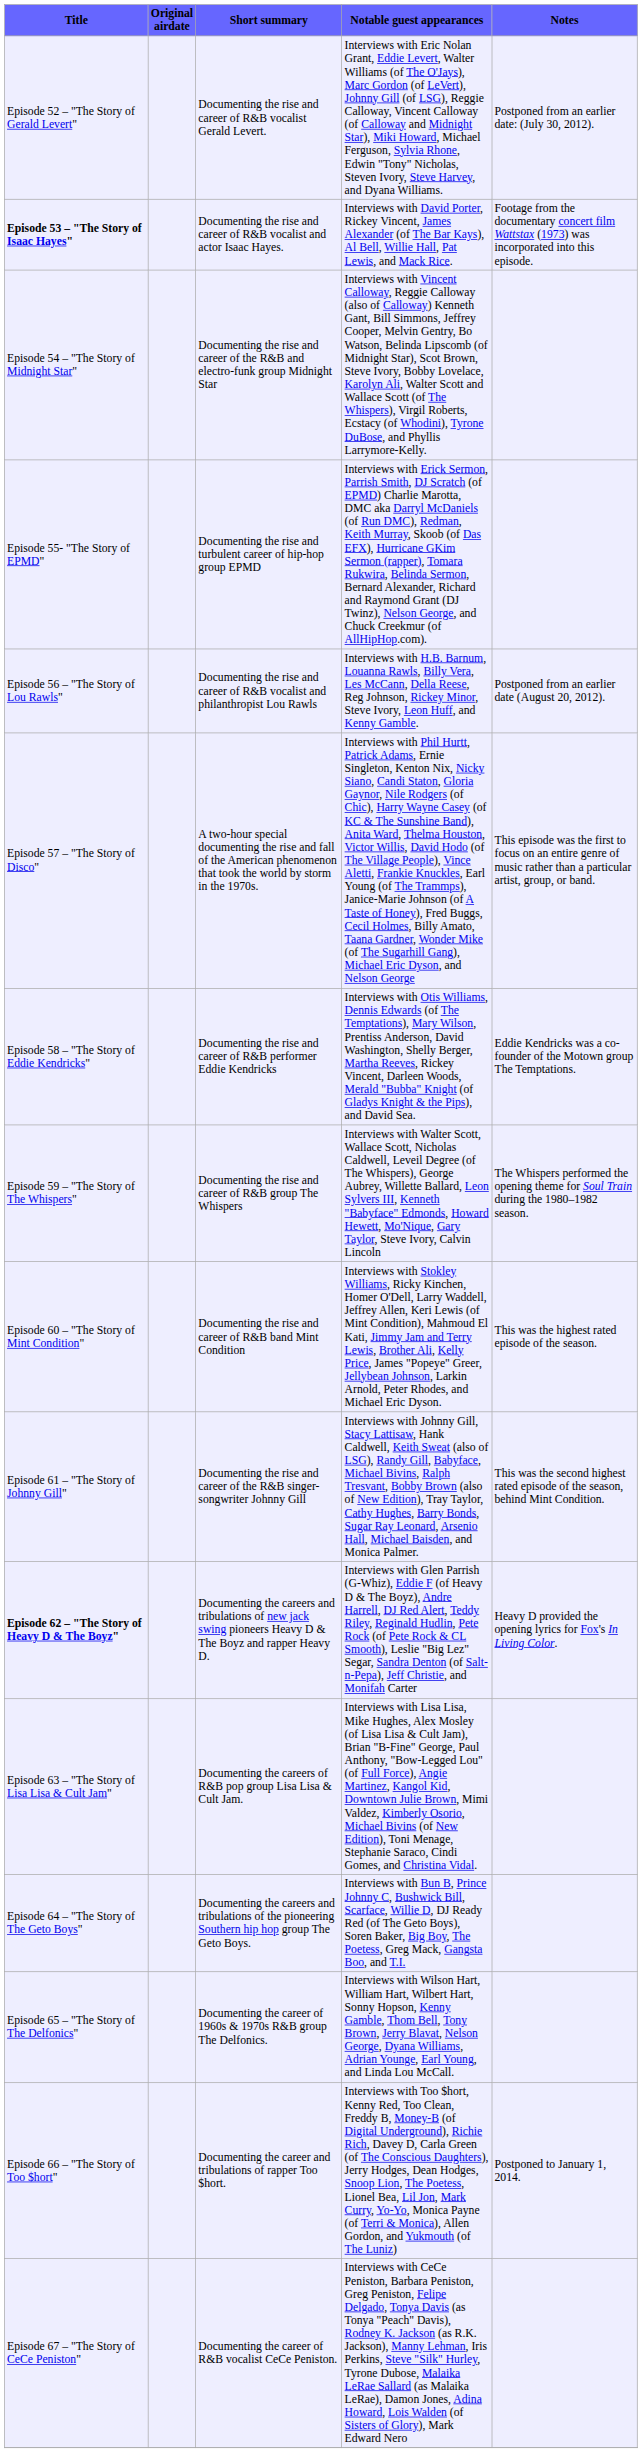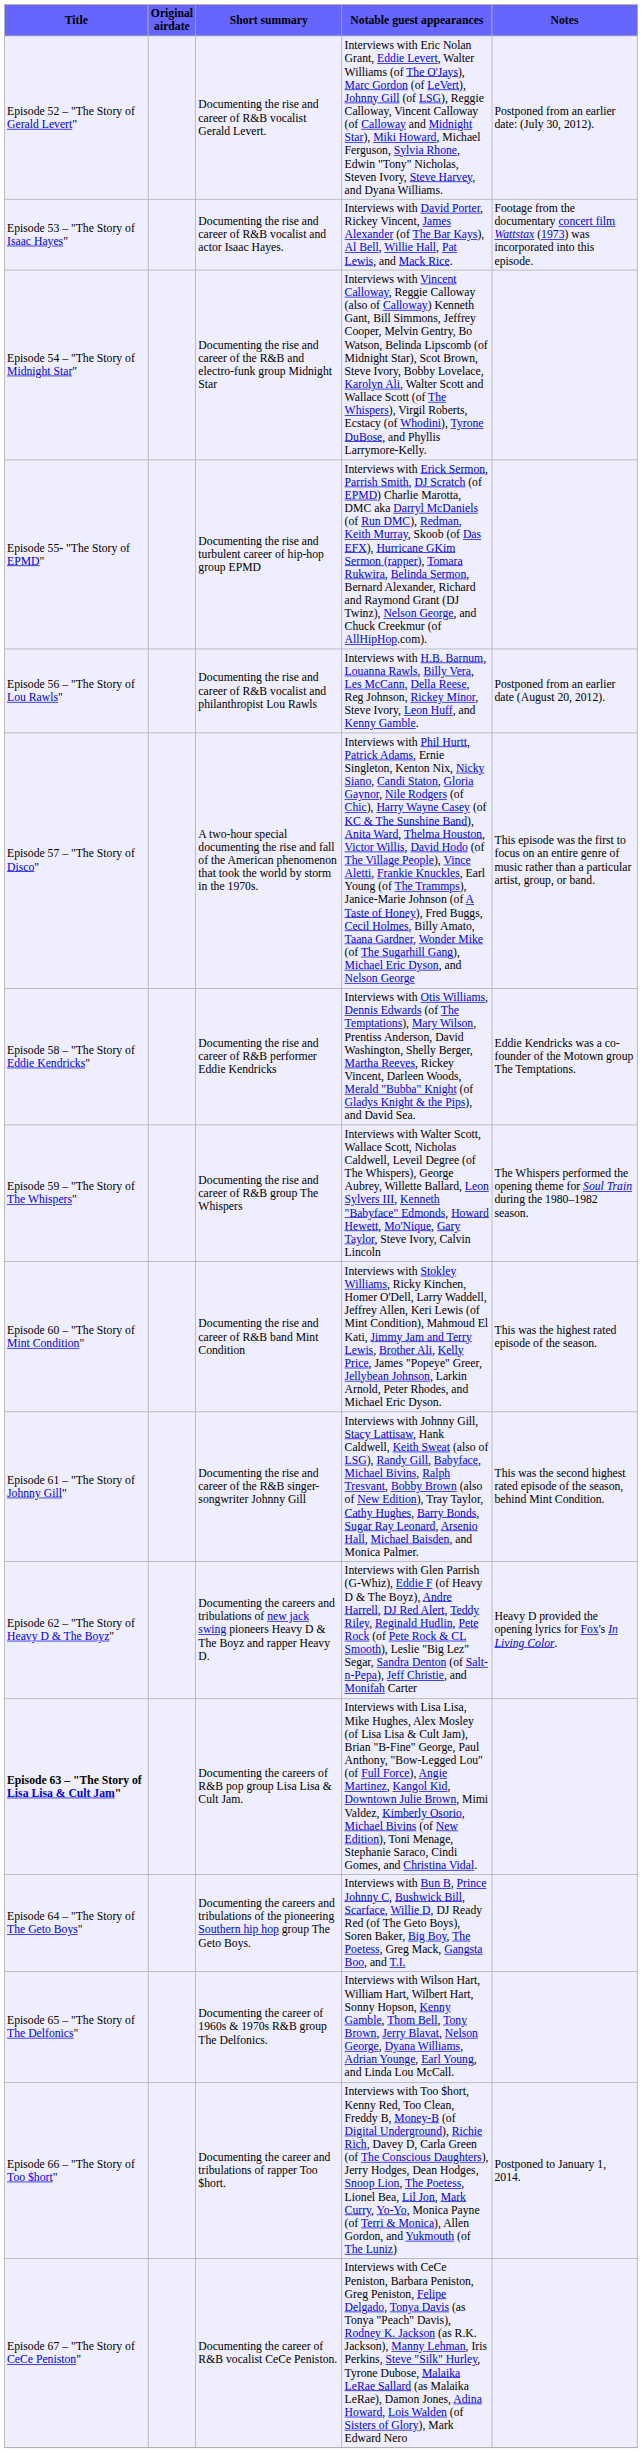 <table class="wikitable" style="background:#EEEEFF">
 <tr>
 <th scope="col" style="background-color: #6666FF" width="220">Title</th>
 <th scope="col" style="background-color: #6666FF" width="40pt">Original airdate</th>
 <th scope="col" style="background-color: #6666FF" width="220">Short summary</th>
 <th scope="col" style="background-color: #6666FF" width="220">Notable guest appearances</th>
 <th scope="col" style="background-color: #6666FF" width="220">Notes</th>
 </tr>
 <tr>
 <td>Episode 52 – "The Story of <a href='#'>Gerald Levert</a>"</td>
 <td></td>
 <td>Documenting the rise and career of R&B vocalist Gerald Levert.</td>
 <td>Interviews with Eric Nolan Grant, <a href='#'>Eddie Levert</a>, Walter Williams (of <a href='#'>The O'Jays</a>), <a href='#'>Marc Gordon</a> (of <a href='#'>LeVert</a>), <a href='#'>Johnny Gill</a> (of <a href='#'>LSG</a>), Reggie Calloway, Vincent Calloway (of <a href='#'>Calloway</a> and <a href='#'>Midnight Star</a>), <a href='#'>Miki Howard</a>, Michael Ferguson, <a href='#'>Sylvia Rhone</a>, Edwin "Tony" Nicholas, Steven Ivory, <a href='#'>Steve Harvey</a>, and Dyana Williams.</td>
 <td>Postponed from an earlier date: (July 30, 2012).</td>
 </tr>
 <tr>
-<td><strong>Episode 53 – "The Story of <a href='#'>Isaac Hayes</a>"</strong></td>
+<td>Episode 53 – "The Story of <a href='#'>Isaac Hayes</a>"</td>
 <td></td>
 <td>Documenting the rise and career of R&B vocalist and actor Isaac Hayes.</td>
 <td>Interviews with <a href='#'>David Porter</a>, Rickey Vincent, <a href='#'>James Alexander</a> (of <a href='#'>The Bar Kays</a>), <a href='#'>Al Bell</a>, <a href='#'>Willie Hall</a>, <a href='#'>Pat Lewis</a>, and <a href='#'>Mack Rice</a>.</td>
 <td>Footage from the documentary <a href='#'>concert film</a> <em><a href='#'>Wattstax</a></em> (<a href='#'>1973</a>) was incorporated into this episode.</td>
 </tr>
 <tr>
 <td>Episode 54 – "The Story of <a href='#'>Midnight Star</a>"</td>
 <td></td>
 <td>Documenting the rise and career of the R&B and electro-funk group Midnight Star</td>
 <td>Interviews with <a href='#'>Vincent Calloway</a>, Reggie Calloway (also of <a href='#'>Calloway</a>) Kenneth Gant, Bill Simmons, Jeffrey Cooper, Melvin Gentry, Bo Watson, Belinda Lipscomb (of Midnight Star), Scot Brown, Steve Ivory, Bobby Lovelace, <a href='#'>Karolyn Ali</a>, Walter Scott and Wallace Scott (of <a href='#'>The Whispers</a>), Virgil Roberts, Ecstacy (of <a href='#'>Whodini</a>), <a href='#'>Tyrone DuBose</a>, and Phyllis Larrymore-Kelly.</td>
 <td></td>
 </tr>
 <tr>
 <td>Episode 55-  "The Story of <a href='#'>EPMD</a>"</td>
 <td></td>
 <td>Documenting the rise and turbulent career of hip-hop group EPMD</td>
 <td>Interviews with <a href='#'>Erick Sermon</a>, <a href='#'>Parrish Smith</a>, <a href='#'>DJ Scratch</a> (of <a href='#'>EPMD</a>) Charlie Marotta, DMC aka <a href='#'>Darryl McDaniels</a> (of <a href='#'>Run DMC</a>), <a href='#'>Redman</a>, <a href='#'>Keith Murray</a>, Skoob (of <a href='#'>Das EFX</a>), <a href='#'>Hurricane G</a><a href='#'>Kim Sermon (rapper)</a>, <a href='#'>Tomara Rukwira</a>, <a href='#'>Belinda Sermon</a>, Bernard Alexander, Richard and Raymond Grant (DJ Twinz), <a href='#'>Nelson George</a>, and Chuck Creekmur (of <a href='#'>AllHipHop</a>.com).</td>
 <td></td>
 </tr>
 <tr>
 <td>Episode 56 – "The Story of <a href='#'>Lou Rawls</a>"</td>
 <td></td>
 <td>Documenting the rise and career of R&B vocalist and philanthropist Lou Rawls</td>
 <td>Interviews with <a href='#'>H.B. Barnum</a>, <a href='#'>Louanna Rawls</a>, <a href='#'>Billy Vera</a>, <a href='#'>Les McCann</a>, <a href='#'>Della Reese</a>, Reg Johnson, <a href='#'>Rickey Minor</a>, Steve Ivory, <a href='#'>Leon Huff</a>, and <a href='#'>Kenny Gamble</a>.</td>
 <td>Postponed from an earlier date (August 20, 2012).</td>
 </tr>
 <tr>
 <td>Episode 57 – "The Story of <a href='#'>Disco</a>"</td>
 <td></td>
 <td>A two-hour special documenting the rise and fall of the American phenomenon that took the world by storm in the 1970s.</td>
 <td>Interviews with <a href='#'>Phil Hurtt</a>, <a href='#'>Patrick Adams</a>, Ernie Singleton, Kenton Nix, <a href='#'>Nicky Siano</a>, <a href='#'>Candi Staton</a>, <a href='#'>Gloria Gaynor</a>, <a href='#'>Nile Rodgers</a> (of <a href='#'>Chic</a>), <a href='#'>Harry Wayne Casey</a> (of <a href='#'>KC & The Sunshine Band</a>), <a href='#'>Anita Ward</a>, <a href='#'>Thelma Houston</a>, <a href='#'>Victor Willis</a>, <a href='#'>David Hodo</a> (of <a href='#'>The Village People</a>), <a href='#'>Vince Aletti</a>, <a href='#'>Frankie Knuckles</a>, Earl Young (of <a href='#'>The Trammps</a>), Janice-Marie Johnson (of <a href='#'>A Taste of Honey</a>), Fred Buggs, <a href='#'>Cecil Holmes</a>, Billy Amato, <a href='#'>Taana Gardner</a>, <a href='#'>Wonder Mike</a> (of <a href='#'>The Sugarhill Gang</a>), <a href='#'>Michael Eric Dyson</a>, and <a href='#'>Nelson George</a></td>
 <td>This episode was the first to focus on an entire genre of music rather than a particular artist, group, or band.</td>
 </tr>
 <tr>
 <td>Episode 58 – "The Story of <a href='#'>Eddie Kendricks</a>"</td>
 <td></td>
 <td>Documenting the rise and career of R&B performer Eddie Kendricks</td>
 <td>Interviews with <a href='#'>Otis Williams</a>, <a href='#'>Dennis Edwards</a> (of <a href='#'>The Temptations</a>), <a href='#'>Mary Wilson</a>, Prentiss Anderson, David Washington, Shelly Berger, <a href='#'>Martha Reeves</a>, Rickey Vincent, Darleen Woods, <a href='#'>Merald "Bubba" Knight</a> (of <a href='#'>Gladys Knight & the Pips</a>), and David Sea.</td>
 <td>Eddie Kendricks was a co-founder of the Motown group The Temptations.</td>
 </tr>
 <tr>
 <td>Episode 59 – "The Story of <a href='#'>The Whispers</a>"</td>
 <td></td>
 <td>Documenting the rise and career of R&B group The Whispers</td>
 <td>Interviews with Walter Scott, Wallace Scott, Nicholas Caldwell, Leveil Degree (of The Whispers), George Aubrey, Willette Ballard, <a href='#'>Leon Sylvers III</a>, <a href='#'>Kenneth "Babyface" Edmonds</a>, <a href='#'>Howard Hewett</a>, <a href='#'>Mo'Nique</a>, <a href='#'>Gary Taylor</a>, Steve Ivory, Calvin Lincoln</td>
 <td>The Whispers performed the opening theme for <em><a href='#'>Soul Train</a></em> during the 1980–1982 season.</td>
 </tr>
 <tr>
 <td>Episode 60 – "The Story of <a href='#'>Mint Condition</a>"</td>
 <td></td>
 <td>Documenting the rise and career of R&B band Mint Condition</td>
 <td>Interviews with <a href='#'>Stokley Williams</a>, Ricky Kinchen, Homer O'Dell, Larry Waddell, Jeffrey Allen, Keri Lewis (of Mint Condition), Mahmoud El Kati, <a href='#'>Jimmy Jam and Terry Lewis</a>, <a href='#'>Brother Ali</a>, <a href='#'>Kelly Price</a>, James "Popeye" Greer, <a href='#'>Jellybean Johnson</a>, Larkin Arnold, Peter Rhodes, and Michael Eric Dyson.</td>
 <td>This was the highest rated episode of the season.</td>
 </tr>
 <tr>
 <td>Episode 61 – "The Story of <a href='#'>Johnny Gill</a>"</td>
 <td></td>
 <td>Documenting the rise and career of the R&B singer-songwriter Johnny Gill</td>
 <td>Interviews with Johnny Gill, <a href='#'>Stacy Lattisaw</a>, Hank Caldwell, <a href='#'>Keith Sweat</a> (also of <a href='#'>LSG</a>), <a href='#'>Randy Gill</a>, <a href='#'>Babyface</a>, <a href='#'>Michael Bivins</a>, <a href='#'>Ralph Tresvant</a>, <a href='#'>Bobby Brown</a> (also of <a href='#'>New Edition</a>), Tray Taylor, <a href='#'>Cathy Hughes</a>, <a href='#'>Barry Bonds</a>, <a href='#'>Sugar Ray Leonard</a>, <a href='#'>Arsenio Hall</a>, <a href='#'>Michael Baisden</a>, and Monica Palmer.</td>
 <td>This was the second highest rated episode of the season, behind Mint Condition.</td>
 </tr>
 <tr>
-<td><strong>Episode 62 – "The Story of <a href='#'>Heavy D & The Boyz</a>"</strong></td>
+<td>Episode 62 – "The Story of <a href='#'>Heavy D & The Boyz</a>"</td>
 <td></td>
 <td>Documenting the careers and tribulations of <a href='#'>new jack swing</a> pioneers Heavy D & The Boyz and rapper Heavy D.</td>
 <td>Interviews with Glen Parrish (G-Whiz), <a href='#'>Eddie F</a> (of Heavy D & The Boyz), <a href='#'>Andre Harrell</a>, <a href='#'>DJ Red Alert</a>, <a href='#'>Teddy Riley</a>, <a href='#'>Reginald Hudlin</a>, <a href='#'>Pete Rock</a> (of <a href='#'>Pete Rock & CL Smooth</a>), Leslie "Big Lez" Segar, <a href='#'>Sandra Denton</a> (of <a href='#'>Salt-n-Pepa</a>), <a href='#'>Jeff Christie</a>, and <a href='#'>Monifah</a> Carter</td>
 <td>Heavy D provided the opening lyrics for <a href='#'>Fox</a>'s <em><a href='#'>In Living Color</a></em>.</td>
 </tr>
 <tr>
-<td>Episode 63 – "The Story of <a href='#'>Lisa Lisa & Cult Jam</a>"</td>
+<td><strong>Episode 63 – "The Story of <a href='#'>Lisa Lisa & Cult Jam</a>"</strong></td>
 <td></td>
 <td>Documenting the careers of R&B pop group Lisa Lisa & Cult Jam.</td>
 <td>Interviews with Lisa Lisa, Mike Hughes, Alex Mosley (of Lisa Lisa & Cult Jam), Brian "B-Fine" George, Paul Anthony, "Bow-Legged Lou" (of <a href='#'>Full Force</a>), <a href='#'>Angie Martinez</a>, <a href='#'>Kangol Kid</a>, <a href='#'>Downtown Julie Brown</a>, Mimi Valdez, <a href='#'>Kimberly Osorio</a>, <a href='#'>Michael Bivins</a> (of <a href='#'>New Edition</a>), Toni Menage, Stephanie Saraco, Cindi Gomes, and <a href='#'>Christina Vidal</a>.</td>
 <td></td>
 </tr>
 <tr>
 <td>Episode 64 – "The Story of <a href='#'>The Geto Boys</a>"</td>
 <td></td>
 <td>Documenting the careers and tribulations of the pioneering <a href='#'>Southern hip hop</a> group The Geto Boys.</td>
 <td>Interviews with <a href='#'>Bun B</a>, <a href='#'>Prince Johnny C</a>, <a href='#'>Bushwick Bill</a>, <a href='#'>Scarface</a>, <a href='#'>Willie D</a>, DJ Ready Red (of The Geto Boys), Soren Baker, <a href='#'>Big Boy</a>, <a href='#'>The Poetess</a>, Greg Mack, <a href='#'>Gangsta Boo</a>, and <a href='#'>T.I.</a></td>
 <td></td>
 </tr>
 <tr>
 <td>Episode 65 – "The Story of <a href='#'>The Delfonics</a>"</td>
 <td></td>
 <td>Documenting the career of 1960s & 1970s R&B group The Delfonics.</td>
 <td>Interviews with Wilson Hart, William Hart, Wilbert Hart, Sonny Hopson, <a href='#'>Kenny Gamble</a>, <a href='#'>Thom Bell</a>, <a href='#'>Tony Brown</a>, <a href='#'>Jerry Blavat</a>, <a href='#'>Nelson George</a>, <a href='#'>Dyana Williams</a>, <a href='#'>Adrian Younge</a>, <a href='#'>Earl Young</a>, and Linda Lou McCall.</td>
 <td></td>
 </tr>
 <tr>
 <td>Episode 66 – "The Story of <a href='#'>Too $hort</a>"</td>
 <td></td>
 <td>Documenting the career and tribulations of rapper Too $hort.</td>
 <td>Interviews with Too $hort, Kenny Red, Too Clean, Freddy B, <a href='#'>Money-B</a> (of <a href='#'>Digital Underground</a>), <a href='#'>Richie Rich</a>, Davey D, Carla Green (of <a href='#'>The Conscious Daughters</a>), Jerry Hodges, Dean Hodges, <a href='#'>Snoop Lion</a>, <a href='#'>The Poetess</a>, Lionel Bea, <a href='#'>Lil Jon</a>, <a href='#'>Mark Curry</a>, <a href='#'>Yo-Yo</a>, Monica Payne (of <a href='#'>Terri & Monica</a>), Allen Gordon, and <a href='#'>Yukmouth</a> (of <a href='#'>The Luniz</a>)</td>
 <td>Postponed to January 1, 2014.</td>
 </tr>
 <tr>
 <td>Episode 67 – "The Story of <a href='#'>CeCe Peniston</a>"</td>
 <td></td>
 <td>Documenting the career of R&B vocalist CeCe Peniston.</td>
 <td>Interviews with CeCe Peniston, Barbara Peniston, Greg Peniston, <a href='#'>Felipe Delgado</a>, <a href='#'>Tonya Davis</a> (as Tonya "Peach" Davis), <a href='#'>Rodney K. Jackson</a> (as R.K. Jackson), <a href='#'>Manny Lehman</a>, Iris Perkins, <a href='#'>Steve "Silk" Hurley</a>, Tyrone Dubose, <a href='#'>Malaika LeRae Sallard</a> (as Malaika LeRae), Damon Jones, <a href='#'>Adina Howard</a>, <a href='#'>Lois Walden</a> (of <a href='#'>Sisters of Glory</a>), Mark Edward Nero</td>
 <td></td>
 </tr>
 <tr>
 </tr>
 </table>
